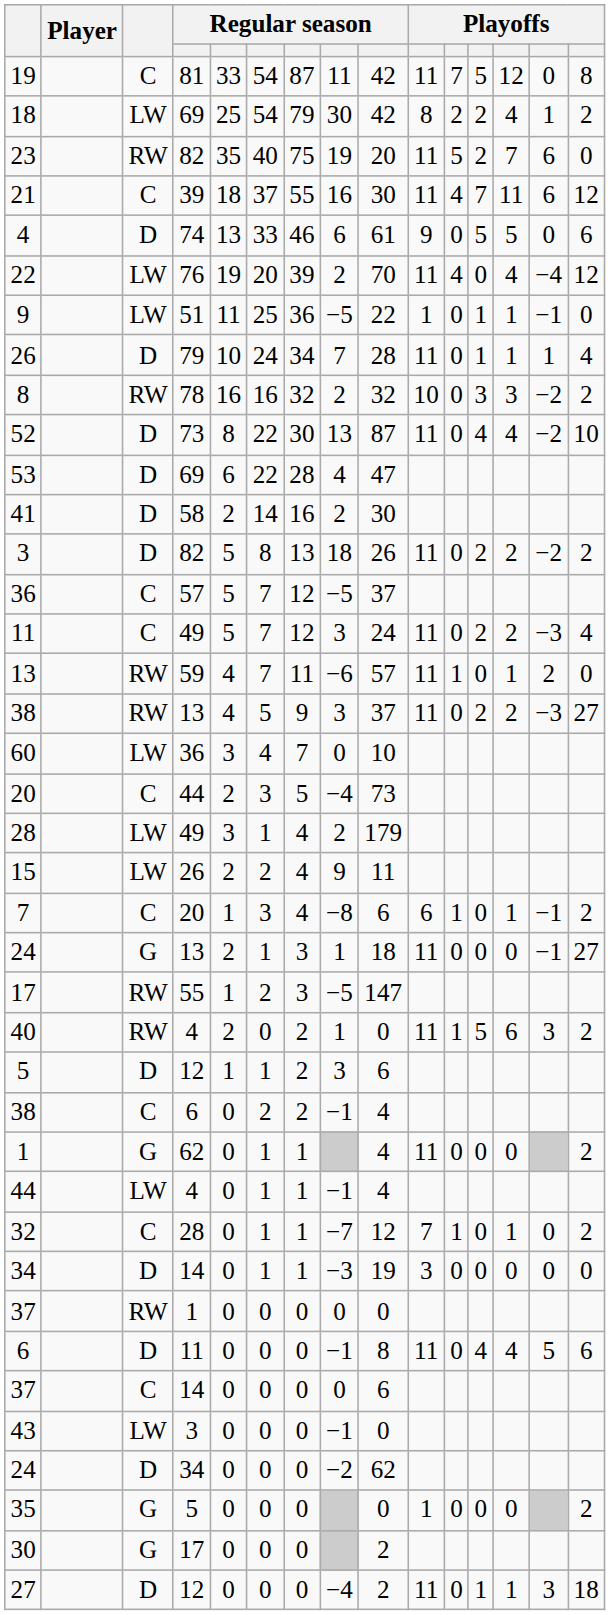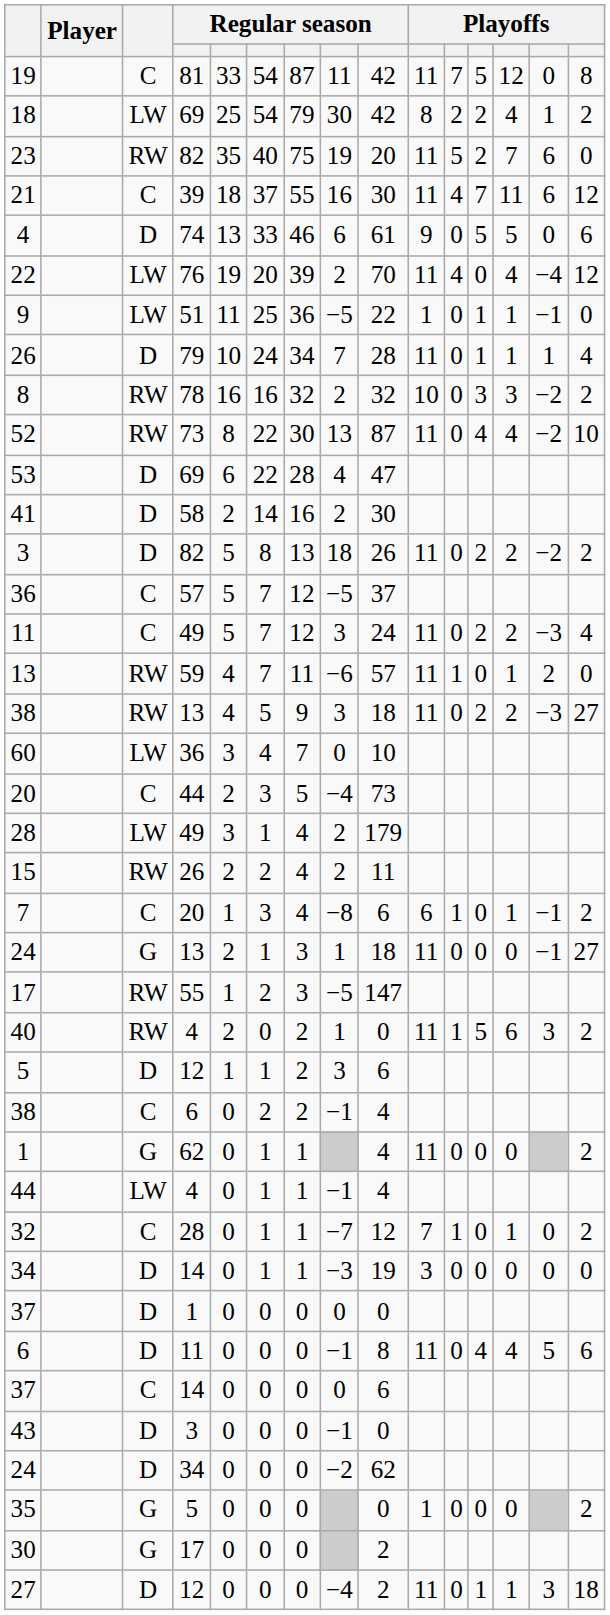 <table class="wikitable sortable plainrowheaders" style="text-align:center;">
 <tr>
 <th scope="col" data-sort-type="number" rowspan="2"></th>
 <th scope="col" rowspan="2">Player</th>
 <th scope="col" rowspan="2"></th>
 <th scope=colgroup colspan=6>Regular season</th>
 <th scope=colgroup colspan=6>Playoffs</th>
 </tr>
 <tr>
 <th scope="col" data-sort-type="number"></th>
 <th scope="col" data-sort-type="number"></th>
 <th scope="col" data-sort-type="number"></th>
 <th scope="col" data-sort-type="number"></th>
 <th scope="col" data-sort-type="number"></th>
 <th scope="col" data-sort-type="number"></th>
 <th scope="col" data-sort-type="number"></th>
 <th scope="col" data-sort-type="number"></th>
 <th scope="col" data-sort-type="number"></th>
 <th scope="col" data-sort-type="number"></th>
 <th scope="col" data-sort-type="number"></th>
 <th scope="col" data-sort-type="number"></th>
 </tr>
 <tr>
 <td scope="row">19</td>
 <td align="left"></td>
 <td>C</td>
 <td>81</td>
 <td>33</td>
 <td>54</td>
 <td>87</td>
 <td>11</td>
 <td>42</td>
 <td>11</td>
 <td>7</td>
 <td>5</td>
 <td>12</td>
 <td>0</td>
 <td>8</td>
 </tr>
 <tr>
 <td scope="row">18</td>
 <td align="left"></td>
 <td>LW</td>
 <td>69</td>
 <td>25</td>
 <td>54</td>
 <td>79</td>
 <td>30</td>
 <td>42</td>
 <td>8</td>
 <td>2</td>
 <td>2</td>
 <td>4</td>
 <td>1</td>
 <td>2</td>
 </tr>
 <tr>
 <td scope="row">23</td>
 <td align="left"></td>
 <td>RW</td>
 <td>82</td>
 <td>35</td>
 <td>40</td>
 <td>75</td>
 <td>19</td>
 <td>20</td>
 <td>11</td>
 <td>5</td>
 <td>2</td>
 <td>7</td>
 <td>6</td>
 <td>0</td>
 </tr>
 <tr>
 <td scope="row">21</td>
 <td align="left"></td>
 <td>C</td>
 <td>39</td>
 <td>18</td>
 <td>37</td>
 <td>55</td>
 <td>16</td>
 <td>30</td>
 <td>11</td>
 <td>4</td>
 <td>7</td>
 <td>11</td>
 <td>6</td>
 <td>12</td>
 </tr>
 <tr>
 <td scope="row">4</td>
 <td align="left"></td>
 <td>D</td>
 <td>74</td>
 <td>13</td>
 <td>33</td>
 <td>46</td>
 <td>6</td>
 <td>61</td>
 <td>9</td>
 <td>0</td>
 <td>5</td>
 <td>5</td>
 <td>0</td>
 <td>6</td>
 </tr>
 <tr>
 <td scope="row">22</td>
 <td align="left"></td>
 <td>LW</td>
 <td>76</td>
 <td>19</td>
 <td>20</td>
 <td>39</td>
 <td>2</td>
 <td>70</td>
 <td>11</td>
 <td>4</td>
 <td>0</td>
 <td>4</td>
 <td>−4</td>
 <td>12</td>
 </tr>
 <tr>
 <td scope="row">9</td>
 <td align="left"></td>
 <td>LW</td>
 <td>51</td>
 <td>11</td>
 <td>25</td>
 <td>36</td>
 <td>−5</td>
 <td>22</td>
 <td>1</td>
 <td>0</td>
 <td>1</td>
 <td>1</td>
 <td>−1</td>
 <td>0</td>
 </tr>
 <tr>
 <td scope="row">26</td>
 <td align="left"></td>
 <td>D</td>
 <td>79</td>
 <td>10</td>
 <td>24</td>
 <td>34</td>
 <td>7</td>
 <td>28</td>
 <td>11</td>
 <td>0</td>
 <td>1</td>
 <td>1</td>
 <td>1</td>
 <td>4</td>
 </tr>
 <tr>
 <td scope="row">8</td>
 <td align="left"></td>
 <td>RW</td>
 <td>78</td>
 <td>16</td>
 <td>16</td>
 <td>32</td>
 <td>2</td>
 <td>32</td>
 <td>10</td>
 <td>0</td>
 <td>3</td>
 <td>3</td>
 <td>−2</td>
 <td>2</td>
 </tr>
 <tr>
 <td scope="row">52</td>
 <td align="left"></td>
-<td>D</td>
+<td>RW</td>
 <td>73</td>
 <td>8</td>
 <td>22</td>
 <td>30</td>
 <td>13</td>
 <td>87</td>
 <td>11</td>
 <td>0</td>
 <td>4</td>
 <td>4</td>
 <td>−2</td>
 <td>10</td>
 </tr>
 <tr>
 <td scope="row">53</td>
 <td align="left"></td>
 <td>D</td>
 <td>69</td>
 <td>6</td>
 <td>22</td>
 <td>28</td>
 <td>4</td>
 <td>47</td>
 <td></td>
 <td></td>
 <td></td>
 <td></td>
 <td></td>
 <td></td>
 </tr>
 <tr>
 <td scope="row">41</td>
 <td align="left"></td>
 <td>D</td>
 <td>58</td>
 <td>2</td>
 <td>14</td>
 <td>16</td>
 <td>2</td>
 <td>30</td>
 <td></td>
 <td></td>
 <td></td>
 <td></td>
 <td></td>
 <td></td>
 </tr>
 <tr>
 <td scope="row">3</td>
 <td align="left"></td>
 <td>D</td>
 <td>82</td>
 <td>5</td>
 <td>8</td>
 <td>13</td>
 <td>18</td>
 <td>26</td>
 <td>11</td>
 <td>0</td>
 <td>2</td>
 <td>2</td>
 <td>−2</td>
 <td>2</td>
 </tr>
 <tr>
 <td scope="row">36</td>
 <td align="left"></td>
 <td>C</td>
 <td>57</td>
 <td>5</td>
 <td>7</td>
 <td>12</td>
 <td>−5</td>
 <td>37</td>
 <td></td>
 <td></td>
 <td></td>
 <td></td>
 <td></td>
 <td></td>
 </tr>
 <tr>
 <td scope="row">11</td>
 <td align="left"></td>
 <td>C</td>
 <td>49</td>
 <td>5</td>
 <td>7</td>
 <td>12</td>
 <td>3</td>
 <td>24</td>
 <td>11</td>
 <td>0</td>
 <td>2</td>
 <td>2</td>
 <td>−3</td>
 <td>4</td>
 </tr>
 <tr>
 <td scope="row">13</td>
 <td align="left"></td>
 <td>RW</td>
 <td>59</td>
 <td>4</td>
 <td>7</td>
 <td>11</td>
 <td>−6</td>
 <td>57</td>
 <td>11</td>
 <td>1</td>
 <td>0</td>
 <td>1</td>
 <td>2</td>
 <td>0</td>
 </tr>
 <tr>
 <td scope="row">38</td>
 <td align="left"></td>
 <td>RW</td>
 <td>13</td>
 <td>4</td>
 <td>5</td>
 <td>9</td>
 <td>3</td>
-<td>37</td>
+<td>18</td>
 <td>11</td>
 <td>0</td>
 <td>2</td>
 <td>2</td>
 <td>−3</td>
 <td>27</td>
 </tr>
 <tr>
 <td scope="row">60</td>
 <td align="left"></td>
 <td>LW</td>
 <td>36</td>
 <td>3</td>
 <td>4</td>
 <td>7</td>
 <td>0</td>
 <td>10</td>
 <td></td>
 <td></td>
 <td></td>
 <td></td>
 <td></td>
 <td></td>
 </tr>
 <tr>
 <td scope="row">20</td>
 <td align="left"></td>
 <td>C</td>
 <td>44</td>
 <td>2</td>
 <td>3</td>
 <td>5</td>
 <td>−4</td>
 <td>73</td>
 <td></td>
 <td></td>
 <td></td>
 <td></td>
 <td></td>
 <td></td>
 </tr>
 <tr>
 <td scope="row">28</td>
 <td align="left"></td>
 <td>LW</td>
 <td>49</td>
 <td>3</td>
 <td>1</td>
 <td>4</td>
 <td>2</td>
 <td>179</td>
 <td></td>
 <td></td>
 <td></td>
 <td></td>
 <td></td>
 <td></td>
 </tr>
 <tr>
 <td scope="row">15</td>
 <td align="left"></td>
-<td>LW</td>
+<td>RW</td>
 <td>26</td>
 <td>2</td>
 <td>2</td>
 <td>4</td>
-<td>9</td>
+<td>2</td>
 <td>11</td>
 <td></td>
 <td></td>
 <td></td>
 <td></td>
 <td></td>
 <td></td>
 </tr>
 <tr>
 <td scope="row">7</td>
 <td align="left"></td>
 <td>C</td>
 <td>20</td>
 <td>1</td>
 <td>3</td>
 <td>4</td>
 <td>−8</td>
 <td>6</td>
 <td>6</td>
 <td>1</td>
 <td>0</td>
 <td>1</td>
 <td>−1</td>
 <td>2</td>
 </tr>
 <tr>
 <td scope="row">24</td>
 <td align="left"></td>
 <td>G</td>
 <td>13</td>
 <td>2</td>
 <td>1</td>
 <td>3</td>
 <td>1</td>
 <td>18</td>
 <td>11</td>
 <td>0</td>
 <td>0</td>
 <td>0</td>
 <td>−1</td>
 <td>27</td>
 </tr>
 <tr>
 <td scope="row">17</td>
 <td align="left"></td>
 <td>RW</td>
 <td>55</td>
 <td>1</td>
 <td>2</td>
 <td>3</td>
 <td>−5</td>
 <td>147</td>
 <td></td>
 <td></td>
 <td></td>
 <td></td>
 <td></td>
 <td></td>
 </tr>
 <tr>
 <td scope="row">40</td>
 <td align="left"></td>
 <td>RW</td>
 <td>4</td>
 <td>2</td>
 <td>0</td>
 <td>2</td>
 <td>1</td>
 <td>0</td>
 <td>11</td>
 <td>1</td>
 <td>5</td>
 <td>6</td>
 <td>3</td>
 <td>2</td>
 </tr>
 <tr>
 <td scope="row">5</td>
 <td align="left"></td>
 <td>D</td>
 <td>12</td>
 <td>1</td>
 <td>1</td>
 <td>2</td>
 <td>3</td>
 <td>6</td>
 <td></td>
 <td></td>
 <td></td>
 <td></td>
 <td></td>
 <td></td>
 </tr>
 <tr>
 <td scope="row">38</td>
 <td align="left"></td>
 <td>C</td>
 <td>6</td>
 <td>0</td>
 <td>2</td>
 <td>2</td>
 <td>−1</td>
 <td>4</td>
 <td></td>
 <td></td>
 <td></td>
 <td></td>
 <td></td>
 <td></td>
 </tr>
 <tr>
 <td scope="row">1</td>
 <td align="left"></td>
 <td>G</td>
 <td>62</td>
 <td>0</td>
 <td>1</td>
 <td>1</td>
 <td style="background:#ccc"></td>
 <td>4</td>
 <td>11</td>
 <td>0</td>
 <td>0</td>
 <td>0</td>
 <td style="background:#ccc"></td>
 <td>2</td>
 </tr>
 <tr>
 <td scope="row">44</td>
 <td align="left"></td>
 <td>LW</td>
 <td>4</td>
 <td>0</td>
 <td>1</td>
 <td>1</td>
 <td>−1</td>
 <td>4</td>
 <td></td>
 <td></td>
 <td></td>
 <td></td>
 <td></td>
 <td></td>
 </tr>
 <tr>
 <td scope="row">32</td>
 <td align="left"></td>
 <td>C</td>
 <td>28</td>
 <td>0</td>
 <td>1</td>
 <td>1</td>
 <td>−7</td>
 <td>12</td>
 <td>7</td>
 <td>1</td>
 <td>0</td>
 <td>1</td>
 <td>0</td>
 <td>2</td>
 </tr>
 <tr>
 <td scope="row">34</td>
 <td align="left"></td>
 <td>D</td>
 <td>14</td>
 <td>0</td>
 <td>1</td>
 <td>1</td>
 <td>−3</td>
 <td>19</td>
 <td>3</td>
 <td>0</td>
 <td>0</td>
 <td>0</td>
 <td>0</td>
 <td>0</td>
 </tr>
 <tr>
 <td scope="row">37</td>
 <td align="left"></td>
-<td>RW</td>
+<td>D</td>
 <td>1</td>
 <td>0</td>
 <td>0</td>
 <td>0</td>
 <td>0</td>
 <td>0</td>
 <td></td>
 <td></td>
 <td></td>
 <td></td>
 <td></td>
 <td></td>
 </tr>
 <tr>
 <td scope="row">6</td>
 <td align="left"></td>
 <td>D</td>
 <td>11</td>
 <td>0</td>
 <td>0</td>
 <td>0</td>
 <td>−1</td>
 <td>8</td>
 <td>11</td>
 <td>0</td>
 <td>4</td>
 <td>4</td>
 <td>5</td>
 <td>6</td>
 </tr>
 <tr>
 <td scope="row">37</td>
 <td align="left"></td>
 <td>C</td>
 <td>14</td>
 <td>0</td>
 <td>0</td>
 <td>0</td>
 <td>0</td>
 <td>6</td>
 <td></td>
 <td></td>
 <td></td>
 <td></td>
 <td></td>
 <td></td>
 </tr>
 <tr>
 <td scope="row">43</td>
 <td align="left"></td>
-<td>LW</td>
+<td>D</td>
 <td>3</td>
 <td>0</td>
 <td>0</td>
 <td>0</td>
 <td>−1</td>
 <td>0</td>
 <td></td>
 <td></td>
 <td></td>
 <td></td>
 <td></td>
 <td></td>
 </tr>
 <tr>
 <td scope="row">24</td>
 <td align="left"></td>
 <td>D</td>
 <td>34</td>
 <td>0</td>
 <td>0</td>
 <td>0</td>
 <td>−2</td>
 <td>62</td>
 <td></td>
 <td></td>
 <td></td>
 <td></td>
 <td></td>
 <td></td>
 </tr>
 <tr>
 <td scope="row">35</td>
 <td align="left"></td>
 <td>G</td>
 <td>5</td>
 <td>0</td>
 <td>0</td>
 <td>0</td>
 <td style="background:#ccc"></td>
 <td>0</td>
 <td>1</td>
 <td>0</td>
 <td>0</td>
 <td>0</td>
 <td style="background:#ccc"></td>
 <td>2</td>
 </tr>
 <tr>
 <td scope="row">30</td>
 <td align="left"></td>
 <td>G</td>
 <td>17</td>
 <td>0</td>
 <td>0</td>
 <td>0</td>
 <td style="background:#ccc"></td>
 <td>2</td>
 <td></td>
 <td></td>
 <td></td>
 <td></td>
 <td></td>
 <td></td>
 </tr>
 <tr>
 <td scope="row">27</td>
 <td align="left"></td>
 <td>D</td>
 <td>12</td>
 <td>0</td>
 <td>0</td>
 <td>0</td>
 <td>−4</td>
 <td>2</td>
 <td>11</td>
 <td>0</td>
 <td>1</td>
 <td>1</td>
 <td>3</td>
 <td>18</td>
 </tr>
 </table>
